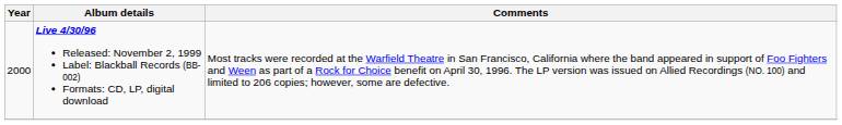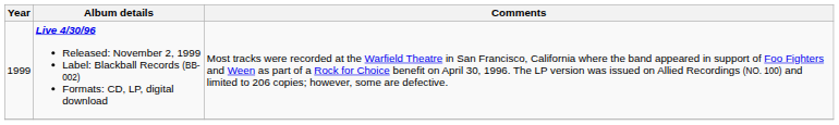 <table class="wikitable">
 <tr>
 <th>Year</th>
 <th width="250">Album details</th>
 <th>Comments</th>
 </tr>
 <tr>
-<td>2000</td>
+<td>1999</td>
 <td><strong><em><a href='#'>Live 4/30/96</a></em></strong><br><ul><li>Released: November 2, 1999</li><li>Label: Blackball Records <small>(BB-002)</small></li><li>Formats: CD, LP, digital download</li></ul></td>
 <td>Most tracks were recorded at the <a href='#'>Warfield Theatre</a> in San Francisco, California where the band appeared in support of <a href='#'>Foo Fighters</a> and <a href='#'>Ween</a> as part of a <a href='#'>Rock for Choice</a> benefit on April 30, 1996. The LP version was issued on Allied Recordings <small>(NO. 100)</small> and limited to 206 copies; however, some are defective.</td>
 </tr>
 <tr>
 </tr>
 </table>
